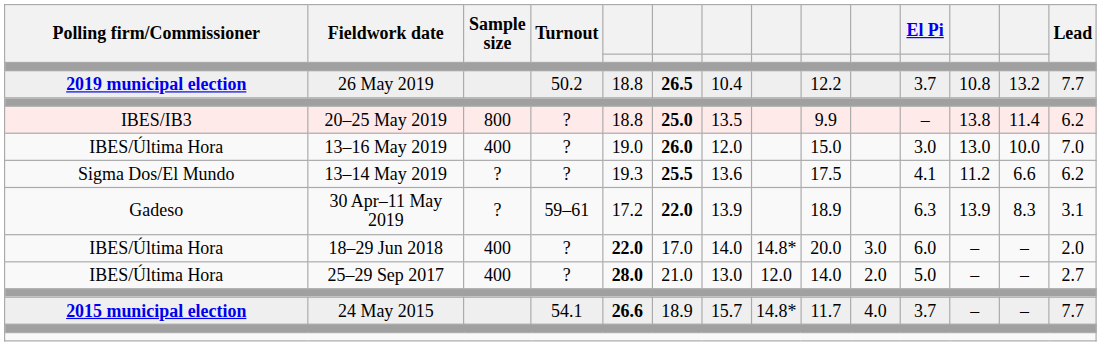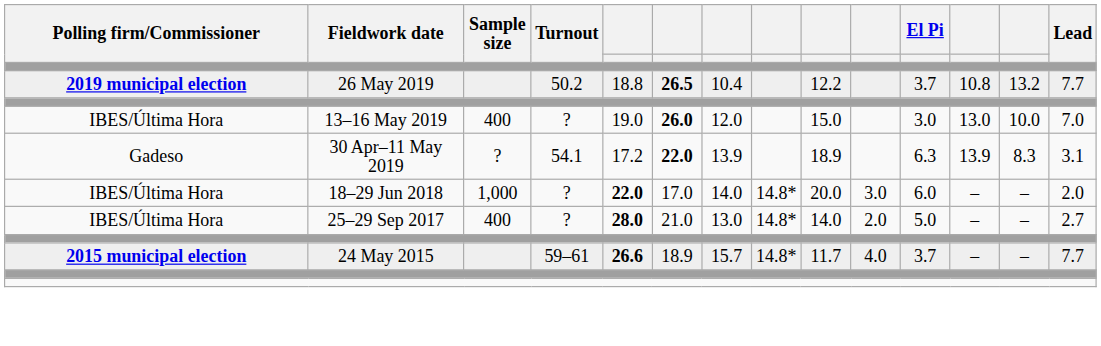 <table class="wikitable collapsible collapsed" style="text-align:center; font-size:95%; line-height:16px;">
 <tr style="height:42px;">
 <th style="width:250px;" rowspan="2">Polling firm/Commissioner</th>
 <th style="width:125px;" rowspan="2">Fieldwork date</th>
 <th style="width:50px;" rowspan="2">Sample size</th>
 <th style="width:45px;" rowspan="2">Turnout</th>
 <th style="width:35px;"></th>
 <th style="width:35px;"></th>
 <th style="width:35px;"></th>
 <th style="width:35px;"></th>
 <th style="width:35px;"></th>
 <th style="width:35px;"></th>
 <th style="width:35px;"><a href='#'>El Pi</a></th>
 <th style="width:35px;"></th>
 <th style="width:35px;"></th>
 <th style="width:30px;" rowspan="2">Lead</th>
 </tr>
 <tr>
 <th style="color:inherit;background:"></th>
 <th style="color:inherit;background:"></th>
 <th style="color:inherit;background:"></th>
 <th style="color:inherit;background:"></th>
 <th style="color:inherit;background:"></th>
 <th style="color:inherit;background:"></th>
 <th style="color:inherit;background:"></th>
 <th style="color:inherit;background:"></th>
 <th style="color:inherit;background:"></th>
 </tr>
 <tr>
 <td colspan="14" style="background:#A0A0A0"></td>
 </tr>
 <tr style="background:#EFEFEF;">
 <td><strong><a href='#'>2019 municipal election</a></strong></td>
 <td>26 May 2019</td>
 <td></td>
 <td>50.2</td>
 <td>18.8<br></td>
 <td><strong>26.5</strong><br></td>
 <td>10.4<br></td>
 <td></td>
 <td>12.2<br></td>
 <td></td>
 <td>3.7<br></td>
 <td>10.8<br></td>
 <td>13.2<br></td>
 <td style="background:">7.7</td>
 </tr>
 <tr>
 <td colspan="14" style="background:#A0A0A0"></td>
 </tr>
-<tr style="background:#FFEAEA;">
-<td>IBES/IB3</td>
-<td>20–25 May 2019</td>
-<td>800</td>
-<td>?</td>
-<td>18.8<br></td>
-<td><strong>25.0</strong><br></td>
-<td>13.5<br></td>
-<td></td>
-<td>9.9<br></td>
-<td></td>
-<td>–</td>
-<td>13.8<br></td>
-<td>11.4<br></td>
-<td style="background:">6.2</td>
-</tr>
 <tr>
 <td>IBES/Última Hora</td>
 <td>13–16 May 2019</td>
 <td>400</td>
 <td>?</td>
 <td>19.0<br></td>
 <td><strong>26.0</strong><br></td>
 <td>12.0<br></td>
 <td></td>
 <td>15.0<br></td>
 <td></td>
 <td>3.0<br></td>
 <td>13.0<br></td>
 <td>10.0<br></td>
 <td style="background:">7.0</td>
 </tr>
 <tr>
-<td>Sigma Dos/El Mundo</td>
-<td>13–14 May 2019</td>
-<td>?</td>
-<td>?</td>
-<td>19.3<br></td>
-<td><strong>25.5</strong><br></td>
-<td>13.6<br></td>
-<td></td>
-<td>17.5<br></td>
-<td></td>
-<td>4.1<br></td>
-<td>11.2<br></td>
-<td>6.6<br></td>
-<td style="background:">6.2</td>
-</tr>
-<tr>
 <td>Gadeso</td>
 <td>30 Apr–11 May 2019</td>
 <td>?</td>
-<td>59–61</td>
+<td>54.1</td>
 <td>17.2<br></td>
 <td><strong>22.0</strong><br></td>
 <td>13.9<br></td>
 <td></td>
 <td>18.9<br></td>
 <td></td>
 <td>6.3<br></td>
 <td>13.9<br></td>
 <td>8.3<br></td>
 <td style="background:">3.1</td>
 </tr>
 <tr>
 <td>IBES/Última Hora</td>
 <td>18–29 Jun 2018</td>
-<td>400</td>
+<td>1,000</td>
 <td>?</td>
 <td><strong>22.0</strong><br></td>
 <td>17.0<br></td>
 <td>14.0<br></td>
 <td>14.8*<br></td>
 <td>20.0<br></td>
 <td>3.0<br></td>
 <td>6.0<br></td>
 <td>–</td>
 <td>–</td>
 <td style="background:">2.0</td>
 </tr>
 <tr>
 <td>IBES/Última Hora</td>
 <td>25–29 Sep 2017</td>
 <td>400</td>
 <td>?</td>
 <td><strong>28.0</strong><br></td>
 <td>21.0<br></td>
 <td>13.0<br></td>
-<td>12.0<br></td>
+<td>14.8*<br></td>
 <td>14.0<br></td>
 <td>2.0<br></td>
 <td>5.0<br></td>
 <td>–</td>
 <td>–</td>
 <td style="background:">2.7</td>
 </tr>
 <tr>
 <td colspan="14" style="background:#A0A0A0"></td>
 </tr>
 <tr style="background:#EFEFEF;">
 <td><strong><a href='#'>2015 municipal election</a></strong></td>
 <td>24 May 2015</td>
 <td></td>
-<td>54.1</td>
+<td>59–61</td>
 <td><strong>26.6</strong><br></td>
 <td>18.9<br></td>
 <td>15.7<br></td>
 <td>14.8*<br></td>
 <td>11.7<br></td>
 <td>4.0<br></td>
 <td>3.7<br></td>
 <td>–</td>
 <td>–</td>
 <td style="background:">7.7</td>
 </tr>
 <tr>
 <td colspan="14" style="background:#A0A0A0"></td>
 </tr>
 <tr>
 <td align="left" colspan="14"></td>
 </tr>
 </table>
